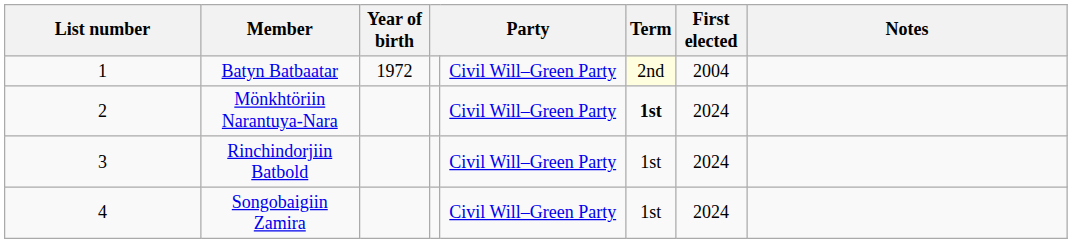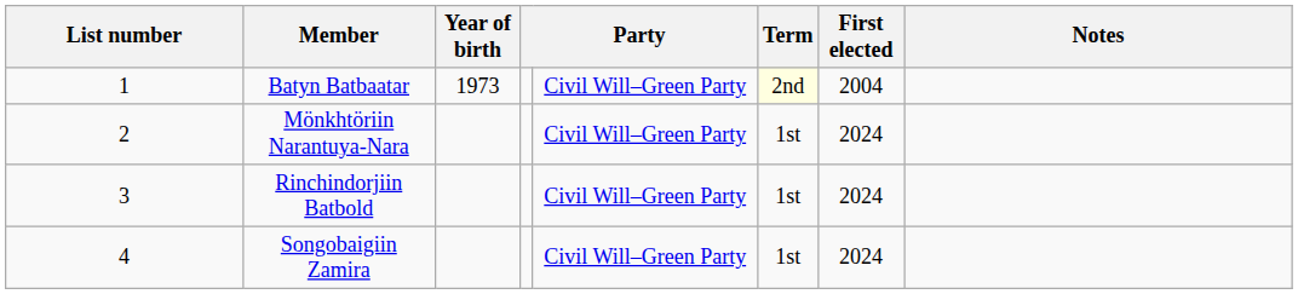 <table class="wikitable sortable" style="font-size:90%; text-align:center">
 <tr>
 <th scope="col" style="width:150px;">List number</th>
 <th scope="col" style="width:120px;">Member</th>
 <th scope="col" style="width:50px;">Year of birth</th>
 <th scope="col" style="width:150px;" colspan="2">Party</th>
 <th scope="col" style="width:20px;">Term</th>
 <th scope="col" style="width:50px;">First elected</th>
 <th scope="col" style="width:250px;" class="unsortable">Notes</th>
 </tr>
 <tr>
 <td style="width:50px;">1</td>
 <td><a href='#'>Batyn Batbaatar</a></td>
-<td>1972</td>
+<td>1973</td>
 <td scope="row" width="1" style="background-color:"></td>
 <td><a href='#'>Civil Will–Green Party</a></td>
 <td style="background: lightyellow;">2nd</td>
 <td>2004</td>
 <td></td>
 </tr>
 <tr>
 <td style="width:50px;">2</td>
 <td><a href='#'>Mönkhtöriin Narantuya-Nara</a></td>
 <td></td>
 <td scope="row" width="1" style="background-color:"></td>
 <td><a href='#'>Civil Will–Green Party</a></td>
-<td><strong>1st</strong></td>
+<td>1st</td>
 <td>2024</td>
 <td></td>
 </tr>
 <tr>
 <td style="width:50px;">3</td>
 <td><a href='#'>Rinchindorjiin Batbold</a></td>
 <td></td>
 <td scope="row" width="1" style="background-color:"></td>
 <td><a href='#'>Civil Will–Green Party</a></td>
 <td>1st</td>
 <td>2024</td>
 <td></td>
 </tr>
 <tr>
 <td style="width:50px;">4</td>
 <td><a href='#'>Songobaigiin Zamira</a></td>
 <td></td>
 <td scope="row" width="1" style="background-color:"></td>
 <td><a href='#'>Civil Will–Green Party</a></td>
 <td>1st</td>
 <td>2024</td>
 <td></td>
 </tr>
 </table>
